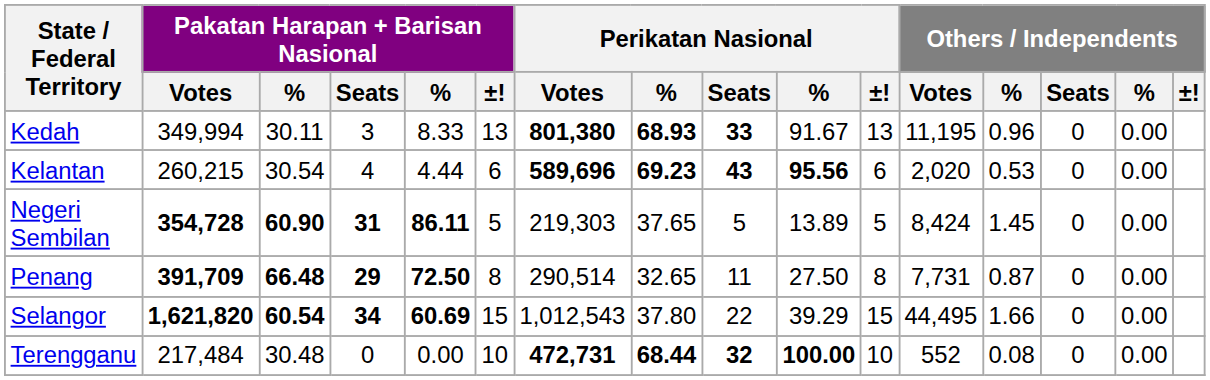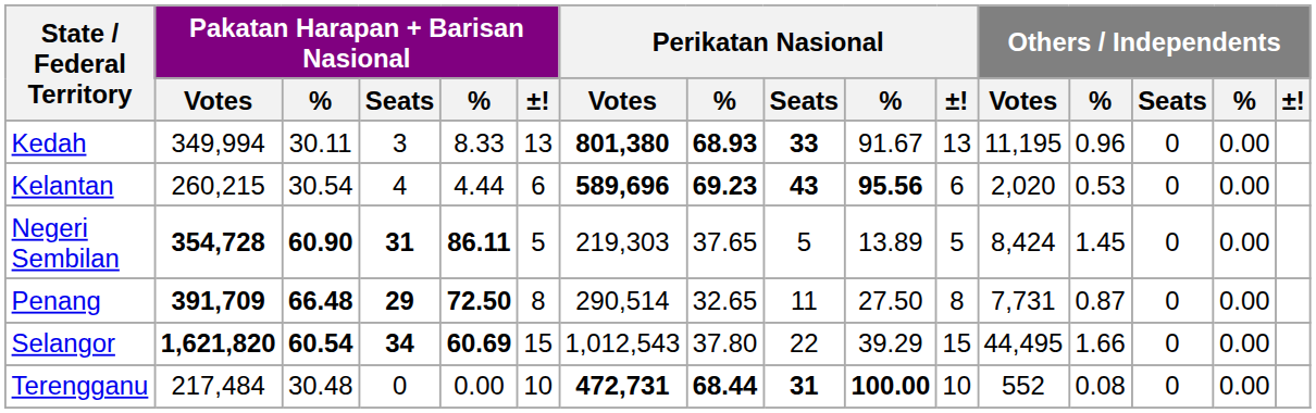 <table class="wikitable sortable" style="background:#FFFFFF;color:#000000; font-size:80%">
 <tr>
 <th colspan="1" rowspan="2">State / <br>Federal Territory</th>
 <th colspan="5" style="background:#800080; color: white;">Pakatan Harapan + Barisan Nasional</th>
 <th colspan="5" style="background:">Perikatan Nasional</th>
 <th colspan="5" style="background:grey; color: white;">Others / Independents</th>
 </tr>
 <tr>
 <th>Votes</th>
 <th>%</th>
 <th>Seats</th>
 <th>%</th>
 <th>±!</th>
 <th>Votes</th>
 <th>%</th>
 <th>Seats</th>
 <th>%</th>
 <th>±!</th>
 <th>Votes</th>
 <th>%</th>
 <th>Seats</th>
 <th>%</th>
 <th>±!</th>
 </tr>
 <tr style="text-align:center;">
 <td style="text-align:left;"> <a href='#'>Kedah</a></td>
 <td>349,994</td>
 <td>30.11</td>
 <td>3</td>
 <td>8.33</td>
 <td> 13</td>
 <td><strong>801,380</strong></td>
 <td><strong>68.93</strong></td>
 <td><strong>33</strong></td>
 <td>91.67</td>
 <td> 13</td>
 <td>11,195</td>
 <td>0.96</td>
 <td>0</td>
 <td>0.00</td>
 <td></td>
 </tr>
 <tr style="text-align:center;">
 <td style="text-align:left;"> <a href='#'>Kelantan</a></td>
 <td>260,215</td>
 <td>30.54</td>
 <td>4</td>
 <td>4.44</td>
 <td> 6</td>
 <td><strong>589,696</strong></td>
 <td><strong>69.23</strong></td>
 <td><strong>43</strong></td>
 <td><strong>95.56</strong></td>
 <td> 6</td>
 <td>2,020</td>
 <td>0.53</td>
 <td>0</td>
 <td>0.00</td>
 <td></td>
 </tr>
 <tr style="text-align:center;">
 <td style="text-align:left;"> <a href='#'>Negeri Sembilan</a></td>
 <td><strong>354,728</strong></td>
 <td><strong>60.90</strong></td>
 <td><strong>31</strong></td>
 <td><strong>86.11</strong></td>
 <td> 5</td>
 <td>219,303</td>
 <td>37.65</td>
 <td>5</td>
 <td>13.89</td>
 <td> 5</td>
 <td>8,424</td>
 <td>1.45</td>
 <td>0</td>
 <td>0.00</td>
 <td></td>
 </tr>
 <tr style="text-align:center;">
 <td style="text-align:left;"> <a href='#'>Penang</a></td>
 <td><strong>391,709</strong></td>
 <td><strong>66.48</strong></td>
 <td><strong>29</strong></td>
 <td><strong>72.50</strong></td>
 <td> 8</td>
 <td>290,514</td>
 <td>32.65</td>
 <td>11</td>
 <td>27.50</td>
 <td> 8</td>
 <td>7,731</td>
 <td>0.87</td>
 <td>0</td>
 <td>0.00</td>
 <td></td>
 </tr>
 <tr style="text-align:center;">
 <td style="text-align:left;"> <a href='#'>Selangor</a></td>
 <td><strong>1,621,820</strong></td>
 <td><strong>60.54</strong></td>
 <td><strong>34</strong></td>
 <td><strong>60.69</strong></td>
 <td> 15</td>
 <td>1,012,543</td>
 <td>37.80</td>
 <td>22</td>
 <td>39.29</td>
 <td> 15</td>
 <td>44,495</td>
 <td>1.66</td>
 <td>0</td>
 <td>0.00</td>
 <td></td>
 </tr>
 <tr style="text-align:center;">
 <td style="text-align:left;"> <a href='#'>Terengganu</a></td>
 <td>217,484</td>
 <td>30.48</td>
 <td>0</td>
 <td>0.00</td>
 <td> 10</td>
 <td><strong>472,731</strong></td>
 <td><strong>68.44</strong></td>
-<td><strong>32</strong></td>
+<td><strong>31</strong></td>
 <td><strong>100.00</strong></td>
 <td> 10</td>
 <td>552</td>
 <td>0.08</td>
 <td>0</td>
 <td>0.00</td>
 <td></td>
 </tr>
 </table>
